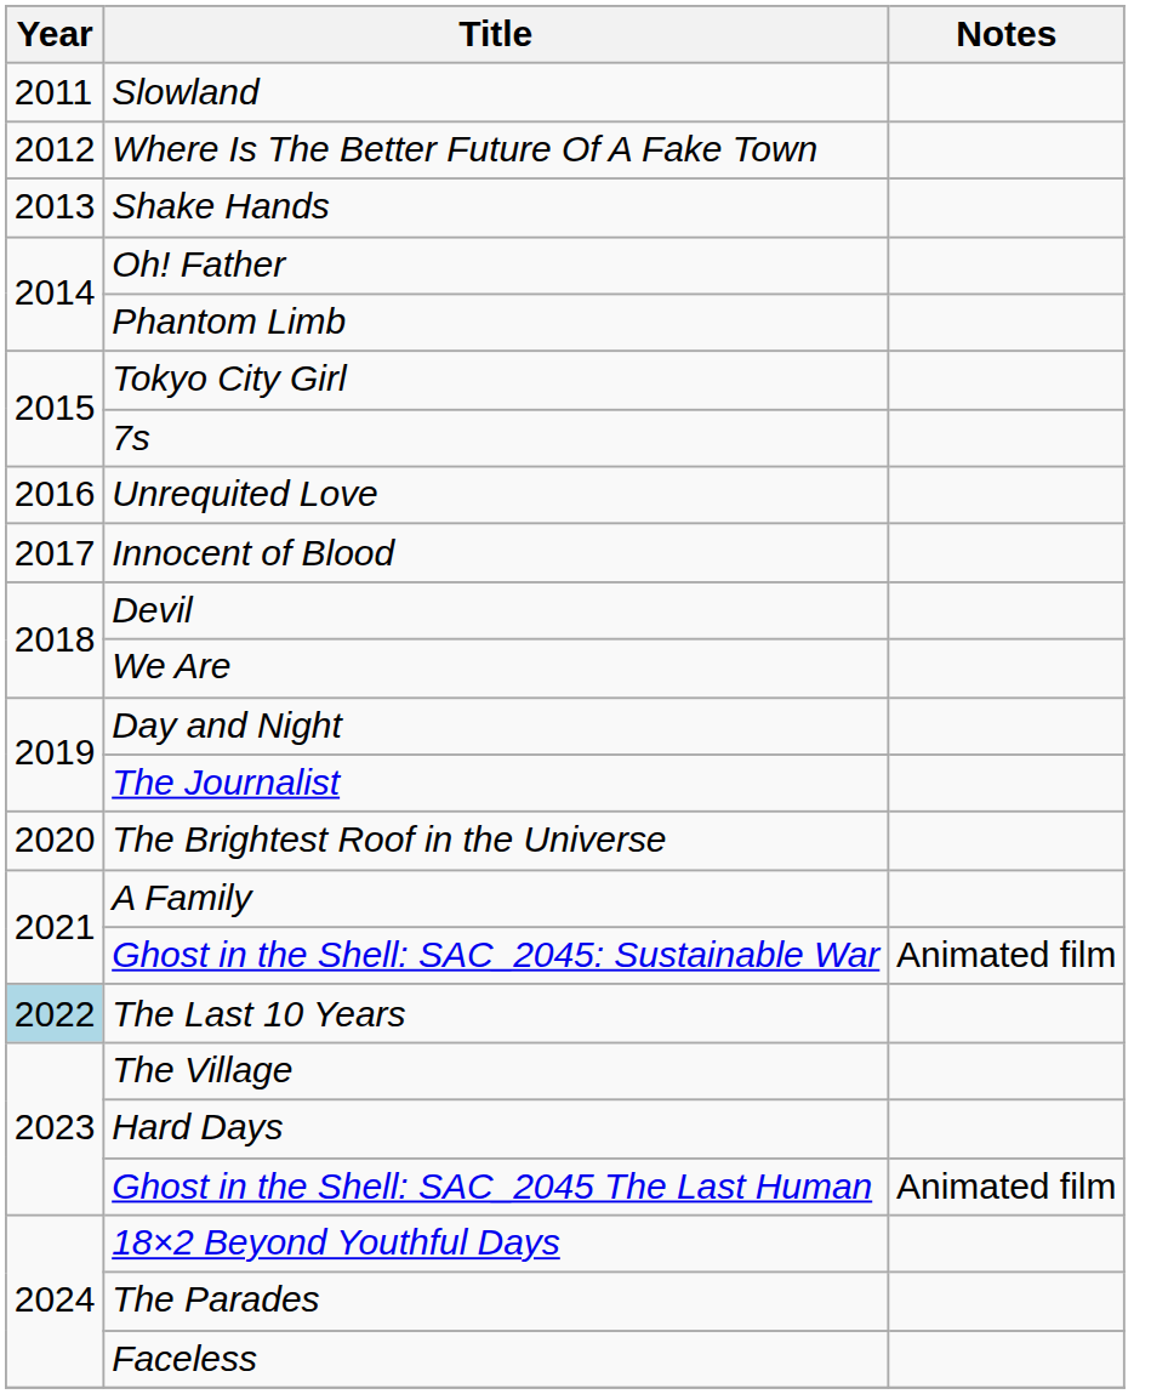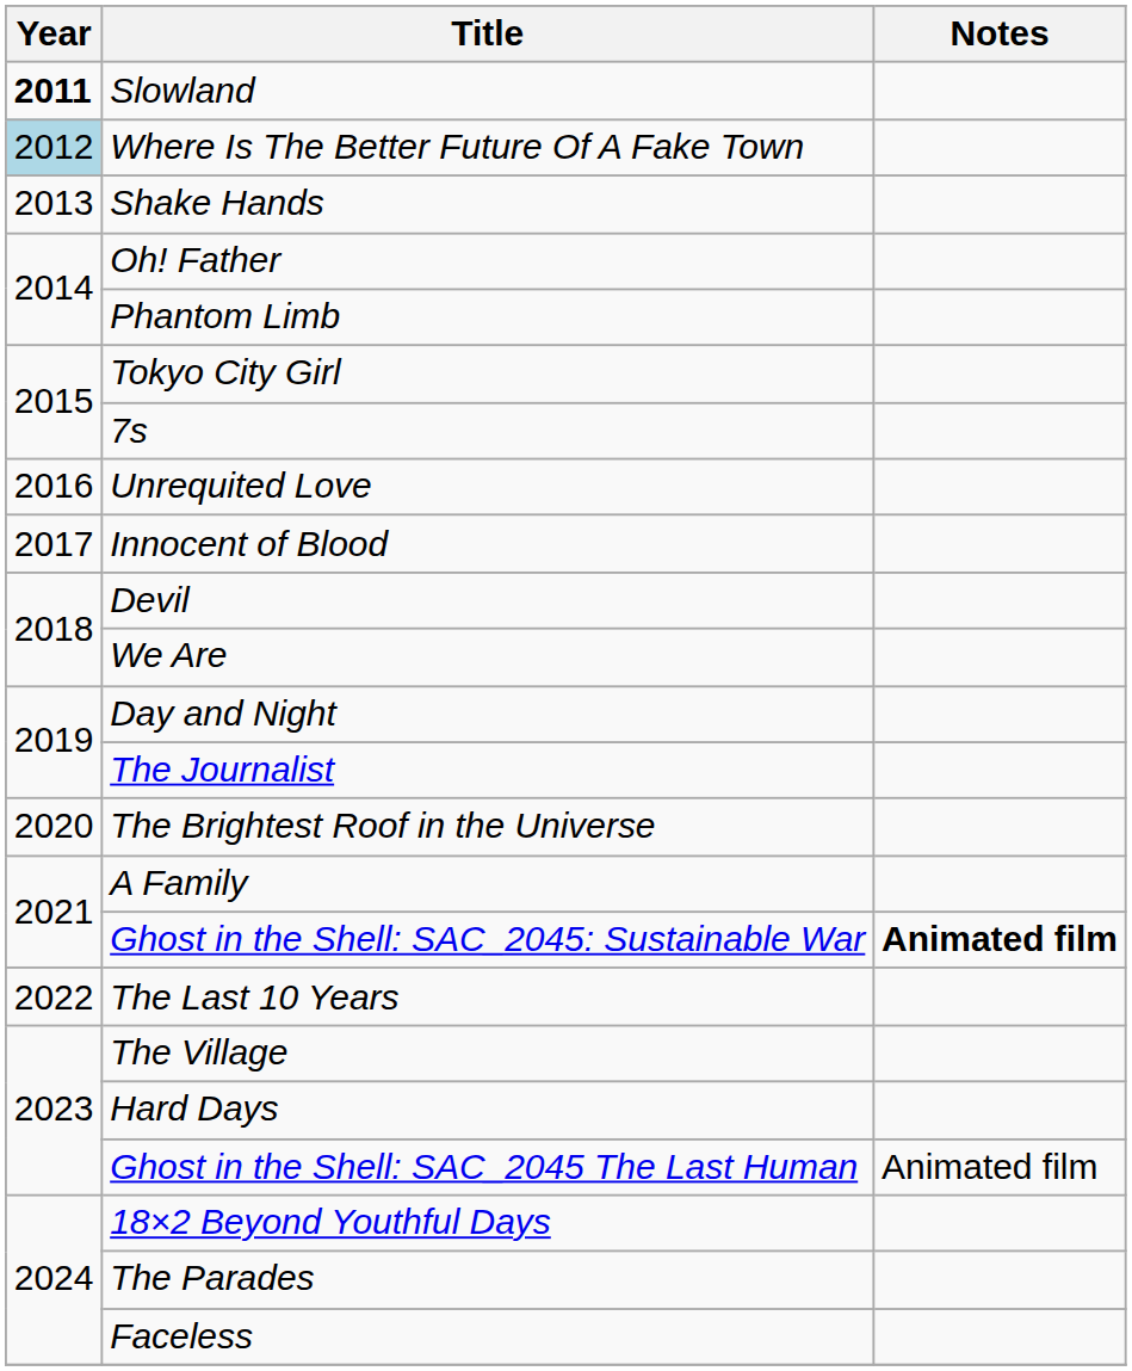 <table class="wikitable sortable">
 <tr>
 <th>Year</th>
 <th>Title</th>
 <th>Notes</th>
 </tr>
 <tr>
-<td>2011</td>
+<td><strong>2011</strong></td>
 <td><em>Slowland</em></td>
 <td></td>
 </tr>
 <tr>
-<td>2012</td>
+<td style="background: lightblue;">2012</td>
 <td><em>Where Is The Better Future Of A Fake Town</em></td>
 <td></td>
 </tr>
 <tr>
 <td>2013</td>
 <td><em>Shake Hands</em></td>
 <td></td>
 </tr>
 <tr>
 <td rowspan=2>2014</td>
 <td><em>Oh! Father</em></td>
 <td></td>
 </tr>
 <tr>
 <td><em>Phantom Limb</em></td>
 <td></td>
 </tr>
 <tr>
 <td rowspan=2>2015</td>
 <td><em>Tokyo City Girl</em></td>
 <td></td>
 </tr>
 <tr>
 <td><em>7s</em></td>
 <td></td>
 </tr>
 <tr>
 <td>2016</td>
 <td><em>Unrequited Love</em></td>
 <td></td>
 </tr>
 <tr>
 <td>2017</td>
 <td><em>Innocent of Blood</em></td>
 <td></td>
 </tr>
 <tr>
 <td rowspan=2>2018</td>
 <td><em>Devil</em></td>
 <td></td>
 </tr>
 <tr>
 <td><em>We Are</em></td>
 <td></td>
 </tr>
 <tr>
 <td rowspan=2>2019</td>
 <td><em>Day and Night</em></td>
 <td></td>
 </tr>
 <tr>
 <td><em><a href='#'>The Journalist</a></em></td>
 <td></td>
 </tr>
 <tr>
 <td>2020</td>
 <td><em>The Brightest Roof in the Universe</em></td>
 <td></td>
 </tr>
 <tr>
 <td rowspan=2>2021</td>
 <td><em>A Family</em></td>
 <td></td>
 </tr>
 <tr>
 <td><em><a href='#'>Ghost in the Shell: SAC_2045: Sustainable War</a></em></td>
-<td>Animated film</td>
+<td><strong>Animated film</strong></td>
 </tr>
 <tr>
-<td style="background: lightblue;">2022</td>
+<td>2022</td>
 <td><em>The Last 10 Years</em></td>
 <td></td>
 </tr>
 <tr>
 <td rowspan=3>2023</td>
 <td><em>The Village</em></td>
 <td></td>
 </tr>
 <tr>
 <td><em>Hard Days</em></td>
 <td></td>
 </tr>
 <tr>
 <td><em><a href='#'>Ghost in the Shell: SAC_2045 The Last Human</a></em></td>
 <td>Animated film</td>
 </tr>
 <tr>
 <td rowspan=3>2024</td>
 <td><em><a href='#'>18×2 Beyond Youthful Days</a></em></td>
 <td></td>
 </tr>
 <tr>
 <td><em>The Parades</em></td>
 <td></td>
 </tr>
 <tr>
 <td><em>Faceless</em></td>
 <td></td>
 </tr>
 <tr>
 </tr>
 </table>
